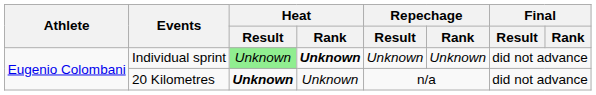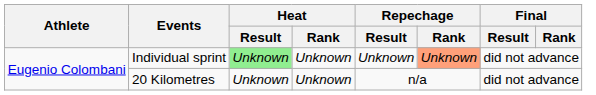 <table class=wikitable style="font-size:90%">
 <tr>
 <th rowspan="2">Athlete</th>
 <th rowspan="2">Events</th>
 <th colspan="2">Heat</th>
 <th colspan="2">Repechage</th>
 <th colspan="2">Final</th>
 </tr>
 <tr>
 <th>Result</th>
 <th>Rank</th>
 <th>Result</th>
 <th>Rank</th>
 <th>Result</th>
 <th>Rank</th>
 </tr>
 <tr>
 <td rowspan=2><a href='#'>Eugenio Colombani</a></td>
 <td>Individual sprint</td>
 <td align="center" style="background: lightgreen;"><em>Unknown</em></td>
-<td align="center"><strong><em>Unknown</em></strong></td>
 <td align="center"><em>Unknown</em></td>
 <td align="center"><em>Unknown</em></td>
+<td align="center" style="background: lightsalmon;"><em>Unknown</em></td>
 <td align="center" colspan=2>did not advance</td>
 </tr>
 <tr>
 <td>20 Kilometres</td>
-<td align="center"><strong><em>Unknown</em></strong></td>
+<td align="center"><em>Unknown</em></td>
 <td align="center"><em>Unknown</em></td>
 <td align="center" colspan=2>n/a</td>
 <td align="center" colspan=2>did not advance</td>
 </tr>
 </table>
